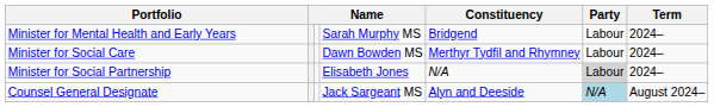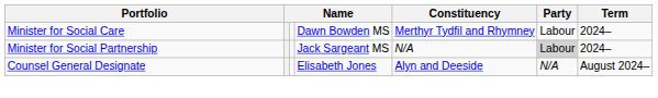 <table class="wikitable">
 <tr>
 <th style="width: 390px">Portfolio</th>
 <th colspan="3">Name</th>
 <th>Constituency</th>
 <th>Party</th>
 <th>Term</th>
-</tr>
-<tr>
-<td><a href='#'>Minister for Mental Health and Early Years</a></td>
-<th style="background-color: "></th>
-<td></td>
-<td><a href='#'>Sarah Murphy</a> MS</td>
-<td><a href='#'>Bridgend</a></td>
-<td>Labour</td>
-<td>2024–</td>
 </tr>
 <tr>
 <td><a href='#'>Minister for Social Care</a></td>
 <th style="background-color: "></th>
 <td></td>
 <td><a href='#'>Dawn Bowden</a> MS</td>
 <td><a href='#'>Merthyr Tydfil and Rhymney</a></td>
 <td>Labour</td>
 <td>2024–</td>
 </tr>
 <tr>
 <td><a href='#'>Minister for Social Partnership</a></td>
 <th style="background-color: "></th>
 <td></td>
-<td><a href='#'>Elisabeth Jones</a></td>
+<td><a href='#'>Jack Sargeant</a> MS</td>
 <td><em>N/A</em></td>
 <td style="background: lightgrey;">Labour</td>
 <td>2024–</td>
 </tr>
 <tr>
 <td><a href='#'>Counsel General Designate</a></td>
 <th style="background-color: "></th>
 <td></td>
-<td><a href='#'>Jack Sargeant</a> MS</td>
+<td><a href='#'>Elisabeth Jones</a></td>
 <td><a href='#'>Alyn and Deeside</a></td>
-<td style="background: lightblue;"><em>N/A</em></td>
+<td><em>N/A</em></td>
 <td>August 2024–</td>
 </tr>
 </table>
